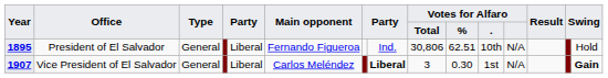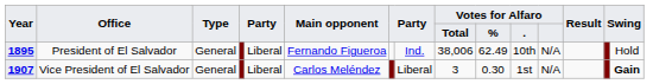 <table class="wikitable" style="font-size:90%; text-align:center;">
 <tr>
 <th style="background-color:#EAECF0;" rowspan="2">Year</th>
 <th style="background-color:#EAECF0;" rowspan="2">Office</th>
 <th style="background-color:#EAECF0;" rowspan="2">Type</th>
 <th style="background-color:#EAECF0;" colspan="2" rowspan="2">Party</th>
 <th style="background-color:#EAECF0;" rowspan="2">Main opponent</th>
 <th style="background-color:#EAECF0;" colspan="2" rowspan="2">Party</th>
 <th style="background-color:#EAECF0;" colspan="4">Votes for Alfaro</th>
 <th style="background-color:#EAECF0;" rowspan="2">Result</th>
 <th style="background-color:#EAECF0;" colspan="2" rowspan="2">Swing</th>
 </tr>
 <tr>
 <th style="background-color:#EAECF0;">Total</th>
 <th style="background-color:#EAECF0;">%</th>
 <th style="background-color:#EAECF0;">.</th>
 <th style="background-color:#EAECF0;"></th>
 </tr>
 <tr>
 <th style="background-color:#EAECF0;"><a href='#'>1895</a></th>
 <td>President of El Salvador</td>
 <td>General</td>
 <td style="background-color:Maroon;"></td>
 <td>Liberal</td>
 <td><a href='#'>Fernando Figueroa</a></td>
 <td style="background-color:"></td>
 <td><a href='#'>Ind.</a></td>
-<td>30,806</td>
-<td>62.51</td>
+<td>38,006</td>
+<td>62.49</td>
 <td>10th</td>
 <td>N/A</td>
 <td></td>
 <td style="background-color:Maroon;"></td>
 <td>Hold</td>
 </tr>
 <tr>
 <th style="background-color:#EAECF0;"><a href='#'>1907</a></th>
 <td>Vice President of El Salvador</td>
 <td>General</td>
 <td style="background-color:Maroon;"></td>
 <td>Liberal</td>
 <td><a href='#'>Carlos Meléndez</a></td>
 <td style="background-color:Maroon;"></td>
-<td><strong>Liberal</strong></td>
+<td>Liberal</td>
 <td>3</td>
 <td>0.30</td>
 <td>1st</td>
 <td>N/A</td>
 <td></td>
 <td style="background-color:Maroon;"></td>
 <td><strong>Gain</strong></td>
 </tr>
 </table>
